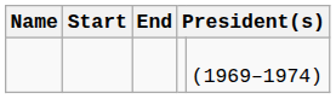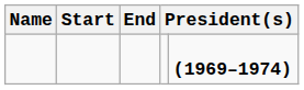 <table class="wikitable sortable">
 <tr>
 <th>Name</th>
 <th>Start</th>
 <th>End</th>
 <th colspan=2>President(s)</th>
 </tr>
 <tr>
 <td></td>
 <td></td>
 <td></td>
 <td style="background: "></td>
-<td><br>(1969–1974)</td>
+<td><strong><br>(1969–1974)</strong></td>
 </tr>
 </table>
